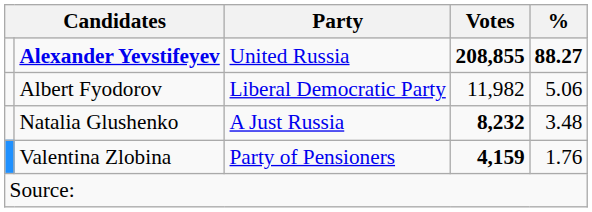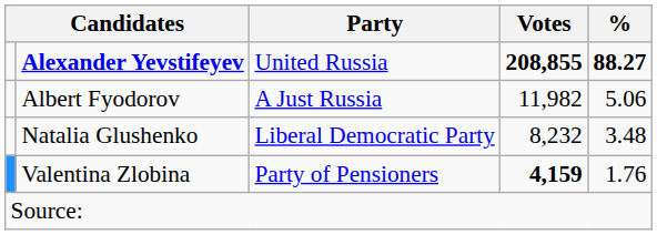 <table class=wikitable style=text-align:right>
 <tr>
 <th colspan=2>Candidates</th>
 <th>Party</th>
 <th>Votes</th>
 <th>%</th>
 </tr>
 <tr>
 <td style="background-color: "></td>
 <td style="text-align:left;"><strong><a href='#'>Alexander Yevstifeyev</a></strong></td>
 <td style="text-align:left;"><a href='#'>United Russia</a></td>
 <td><strong>208,855</strong></td>
 <td><strong>88.27</strong></td>
 </tr>
 <tr>
 <td style="background-color: "></td>
 <td style="text-align:left;">Albert Fyodorov</td>
-<td style="text-align:left;"><a href='#'>Liberal Democratic Party</a></td>
+<td style="text-align:left;"><a href='#'>A Just Russia</a></td>
 <td>11,982</td>
 <td>5.06</td>
 </tr>
 <tr>
 <td style="background-color: "></td>
 <td style="text-align:left;">Natalia Glushenko</td>
-<td style="text-align:left;"><a href='#'>A Just Russia</a></td>
-<td><strong>8,232</strong></td>
+<td style="text-align:left;"><a href='#'>Liberal Democratic Party</a></td>
+<td>8,232</td>
 <td>3.48</td>
 </tr>
 <tr>
 <td style="background-color: #1E90FF"></td>
 <td style="text-align:left;">Valentina Zlobina</td>
 <td style="text-align:left;"><a href='#'>Party of Pensioners</a></td>
 <td><strong>4,159</strong></td>
 <td>1.76</td>
 </tr>
 <tr>
 <td style="text-align:left;" colspan=5>Source: </td>
 </tr>
 </table>
